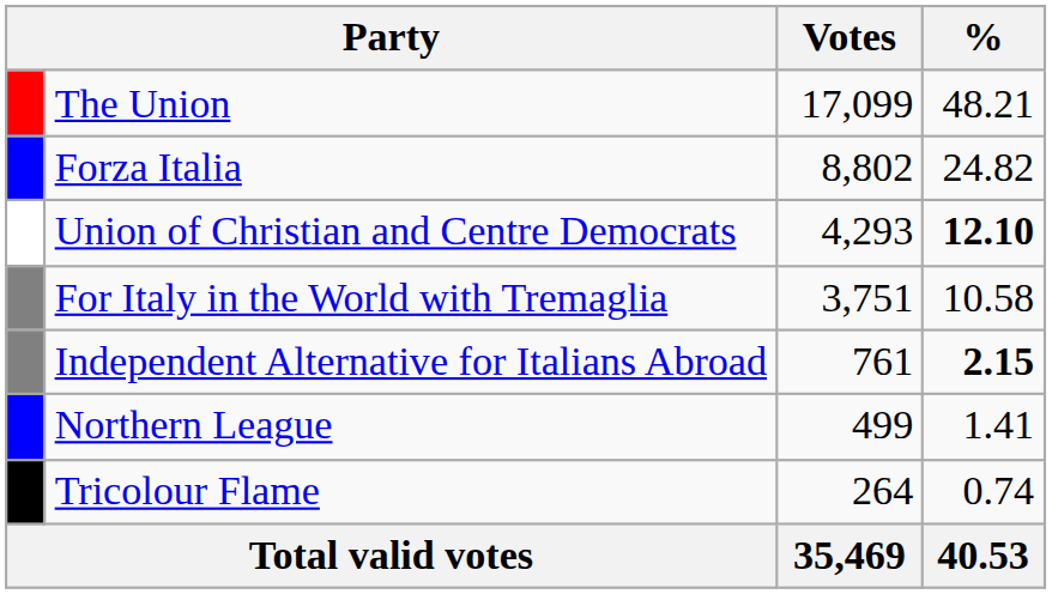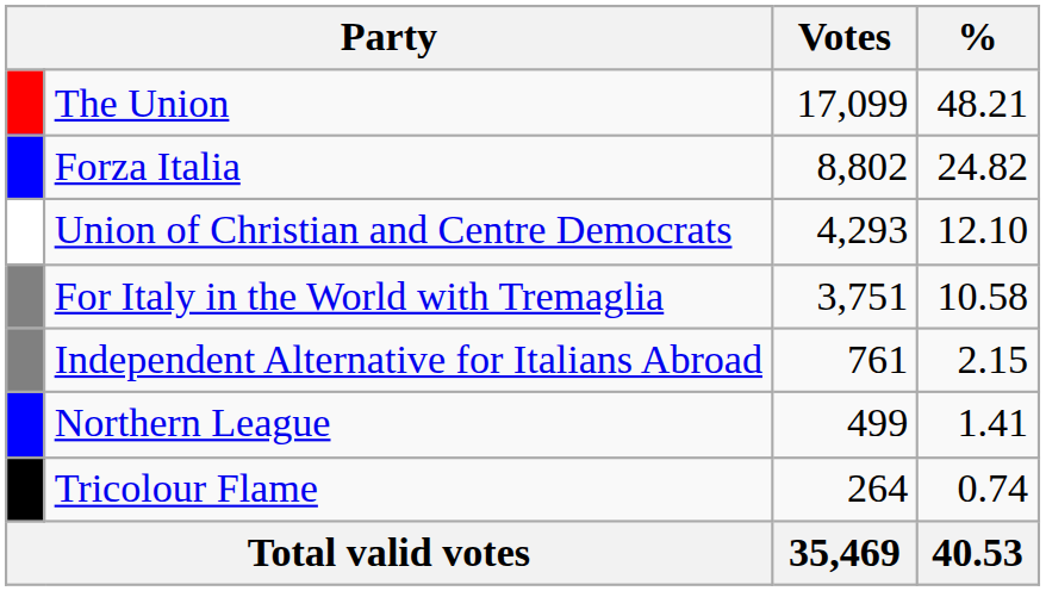 <table class="wikitable">
 <tr>
 <th colspan="2" style="width: 130px">Party</th>
 <th style="width: 50px">Votes</th>
 <th style="width: 40px">%</th>
 </tr>
 <tr>
 <td style="background-color:red">  </td>
 <td style="text-align: left"><a href='#'>The Union</a></td>
 <td style="text-align: right">17,099</td>
 <td style="text-align: right">48.21</td>
 </tr>
 <tr>
 <td style="background-color:blue">  </td>
 <td style="text-align: left"><a href='#'>Forza Italia</a></td>
 <td style="text-align: right">8,802</td>
 <td style="text-align: right">24.82</td>
 </tr>
 <tr>
 <td style="background-color:white">  </td>
 <td style="text-align: left"><a href='#'>Union of Christian and Centre Democrats</a></td>
 <td align="right">4,293</td>
-<td align="right"><strong>12.10</strong></td>
+<td align="right">12.10</td>
 </tr>
 <tr>
 <td style="background-color:grey">  </td>
 <td style="text-align: left"><a href='#'>For Italy in the World with Tremaglia</a></td>
 <td align="right">3,751</td>
 <td align="right">10.58</td>
 </tr>
 <tr>
 <td style="background-color:grey">  </td>
 <td style="text-align: left"><a href='#'>Independent Alternative for Italians Abroad</a></td>
 <td align="right">761</td>
-<td align="right"><strong>2.15</strong></td>
+<td align="right">2.15</td>
 </tr>
 <tr>
 <td style="background-color:blue">  </td>
 <td style="text-align: left"><a href='#'>Northern League</a></td>
 <td align="right">499</td>
 <td align="right">1.41</td>
 </tr>
 <tr>
 <td style="background-color:black">  </td>
 <td style="text-align: left"><a href='#'>Tricolour Flame</a></td>
 <td align="right">264</td>
 <td align="right">0.74</td>
 </tr>
 <tr bgcolor="white">
 <th align="right" colspan=2>Total valid votes</th>
 <th align="right">35,469</th>
 <th align="right">40.53</th>
 </tr>
 </table>
